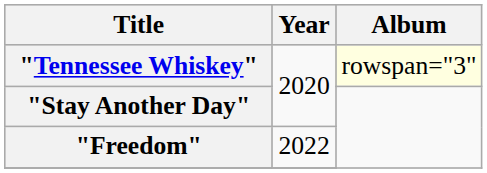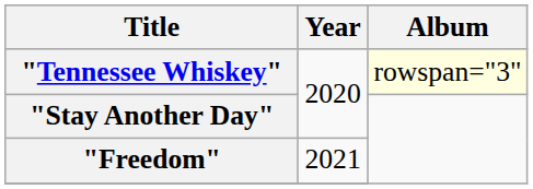 <table class="wikitable plainrowheaders" style="text-align:center;" border="1">
 <tr>
 <th scope="col" style="width:10em;">Title</th>
 <th scope="col">Year</th>
 <th scope="col">Album</th>
 </tr>
 <tr>
 <th scope="row">"<a href='#'>Tennessee Whiskey</a>"<br></th>
 <td rowspan="2">2020</td>
 <td style="background: lightyellow;">rowspan="3" </td>
 </tr>
 <tr>
 <th scope="row">"Stay Another Day"<br></th>
 </tr>
 <tr>
 <th scope="row">"Freedom"<br></th>
-<td>2022</td>
+<td>2021</td>
 </tr>
 <tr>
 </tr>
 </table>
